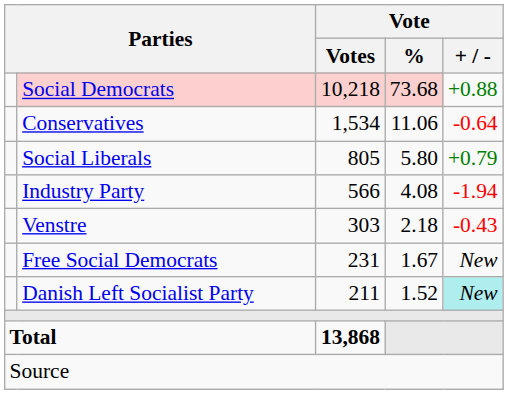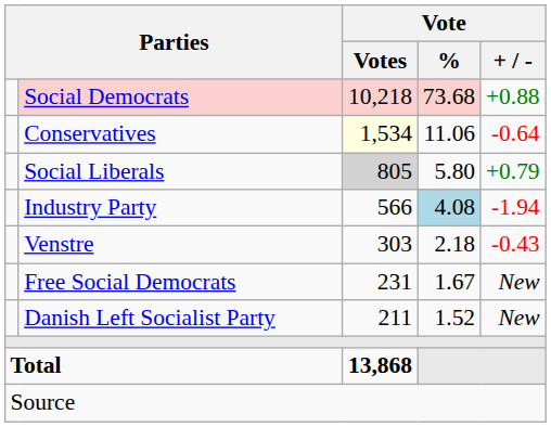 <table class="wikitable" style="text-align:right;">
 <tr>
 <th style="text-align:centre;" rowspan="2" colspan="2" width="225">Parties</th>
 <th colspan="3">Vote</th>
 </tr>
 <tr>
 <th width="15">Votes</th>
 <th width="15">%</th>
 <th width="15">+ / -</th>
 </tr>
 <tr>
 <td width="2" style="color:inherit;background:"></td>
 <td bgcolor=#fbd0ce  align="left"><a href='#'>Social Democrats</a></td>
 <td bgcolor=#fbd0ce>10,218</td>
 <td bgcolor=#fbd0ce>73.68</td>
 <td style=color:green;>+0.88</td>
 </tr>
 <tr>
 <td width="2" style="color:inherit;background:"></td>
 <td align="left"><a href='#'>Conservatives</a></td>
-<td>1,534</td>
+<td style="background: lightyellow;">1,534</td>
 <td>11.06</td>
 <td style=color:red;>-0.64</td>
 </tr>
 <tr>
 <td width="2" style="color:inherit;background:"></td>
 <td align="left"><a href='#'>Social Liberals</a></td>
-<td>805</td>
+<td style="background: lightgrey;">805</td>
 <td>5.80</td>
 <td style=color:green;>+0.79</td>
 </tr>
 <tr>
 <td width="2" style="color:inherit;background:"></td>
 <td align="left"><a href='#'>Industry Party</a></td>
 <td>566</td>
-<td>4.08</td>
+<td style="background: lightblue;">4.08</td>
 <td style=color:red;>-1.94</td>
 </tr>
 <tr>
 <td width="2" style="color:inherit;background:"></td>
 <td align="left"><a href='#'>Venstre</a></td>
 <td>303</td>
 <td>2.18</td>
 <td style=color:red;>-0.43</td>
 </tr>
 <tr>
 <td width="2" style="color:inherit;background:"></td>
 <td align="left"><a href='#'>Free Social Democrats</a></td>
 <td>231</td>
 <td>1.67</td>
 <td><em>New</em></td>
 </tr>
 <tr>
 <td width="2" style="color:inherit;background:"></td>
 <td align="left"><a href='#'>Danish Left Socialist Party</a></td>
 <td>211</td>
 <td>1.52</td>
-<td style="background: paleturquoise;"><em>New</em></td>
+<td><em>New</em></td>
 </tr>
 <tr>
 <td colspan="7" bgcolor="#E9E9E9"></td>
 </tr>
 <tr>
 <td align="left" colspan="2"><strong>Total</strong></td>
 <td><strong>13,868</strong></td>
 <td bgcolor="#E9E9E9" colspan="2"></td>
 </tr>
 <tr>
 <td align="left" colspan="6">Source</td>
 </tr>
 </table>
